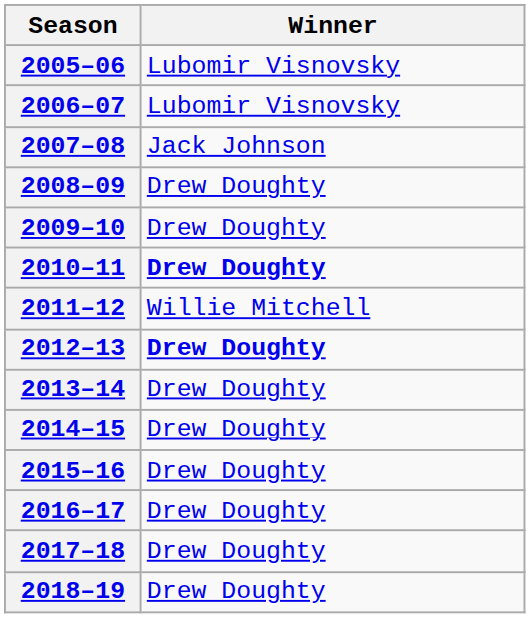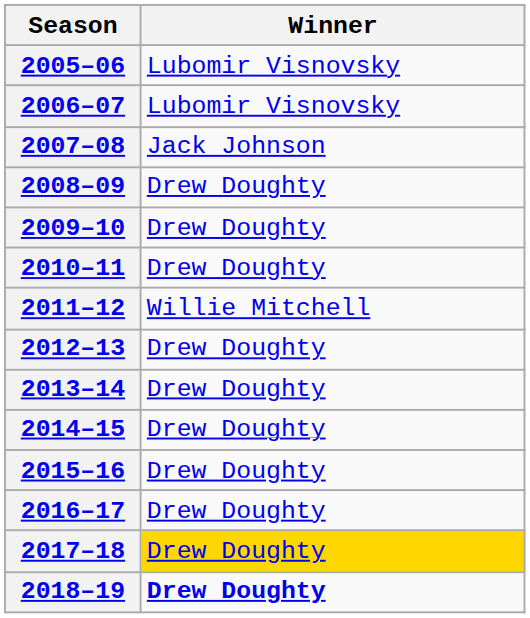 <table class="wikitable">
 <tr>
 <th scope="col" style="width:5em">Season</th>
 <th scope="col" style="width:15em">Winner</th>
 </tr>
 <tr>
 <th scope="row"><a href='#'>2005–06</a></th>
 <td><a href='#'>Lubomir Visnovsky</a></td>
 </tr>
 <tr>
 <th scope="row"><a href='#'>2006–07</a></th>
 <td><a href='#'>Lubomir Visnovsky</a></td>
 </tr>
 <tr>
 <th scope="row"><a href='#'>2007–08</a></th>
 <td><a href='#'>Jack Johnson</a></td>
 </tr>
 <tr>
 <th scope="row"><a href='#'>2008–09</a></th>
 <td><a href='#'>Drew Doughty</a></td>
 </tr>
 <tr>
 <th scope="row"><a href='#'>2009–10</a></th>
 <td><a href='#'>Drew Doughty</a></td>
 </tr>
 <tr>
 <th scope="row"><a href='#'>2010–11</a></th>
-<td><strong><a href='#'>Drew Doughty</a></strong></td>
+<td><a href='#'>Drew Doughty</a></td>
 </tr>
 <tr>
 <th scope="row"><a href='#'>2011–12</a></th>
 <td><a href='#'>Willie Mitchell</a></td>
 </tr>
 <tr>
 <th scope="row"><a href='#'>2012–13</a></th>
-<td><strong><a href='#'>Drew Doughty</a></strong></td>
+<td><a href='#'>Drew Doughty</a></td>
 </tr>
 <tr>
 <th scope="row"><a href='#'>2013–14</a></th>
 <td><a href='#'>Drew Doughty</a></td>
 </tr>
 <tr>
 <th scope="row"><a href='#'>2014–15</a></th>
 <td><a href='#'>Drew Doughty</a></td>
 </tr>
 <tr>
 <th scope="row"><a href='#'>2015–16</a></th>
 <td><a href='#'>Drew Doughty</a></td>
 </tr>
 <tr>
 <th scope="row"><a href='#'>2016–17</a></th>
 <td><a href='#'>Drew Doughty</a></td>
 </tr>
 <tr>
 <th scope="row"><a href='#'>2017–18</a></th>
-<td><a href='#'>Drew Doughty</a></td>
+<td style="background: gold;"><a href='#'>Drew Doughty</a></td>
 </tr>
 <tr>
 <th scope="row"><a href='#'>2018–19</a></th>
-<td><a href='#'>Drew Doughty</a></td>
+<td><strong><a href='#'>Drew Doughty</a></strong></td>
 </tr>
 </table>
